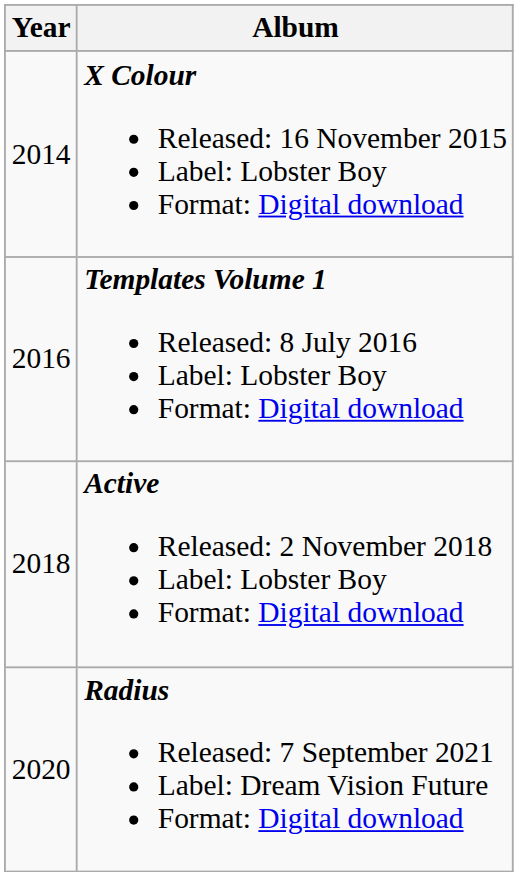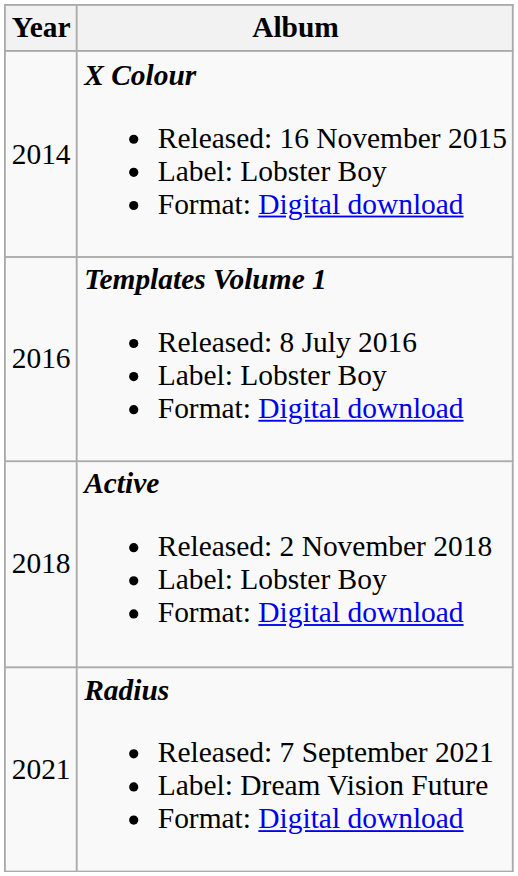 <table class="wikitable">
 <tr>
 <th>Year</th>
 <th>Album</th>
 </tr>
 <tr>
 <td>2014</td>
 <td><strong><em>X Colour</em></strong><br><ul><li>Released: 16 November 2015</li><li>Label: Lobster Boy</li><li>Format: <a href='#'>Digital download</a></li></ul></td>
 </tr>
 <tr>
 <td>2016</td>
 <td><strong><em>Templates Volume 1</em></strong><br><ul><li>Released: 8 July 2016</li><li>Label: Lobster Boy</li><li>Format: <a href='#'>Digital download</a></li></ul></td>
 </tr>
 <tr>
 <td>2018</td>
 <td><strong><em>Active</em></strong><br><ul><li>Released: 2 November 2018</li><li>Label: Lobster Boy</li><li>Format: <a href='#'>Digital download</a></li></ul></td>
 </tr>
 <tr>
-<td>2020</td>
+<td>2021</td>
 <td><strong><em>Radius</em></strong><br><ul><li>Released: 7 September 2021</li><li>Label: Dream Vision Future</li><li>Format: <a href='#'>Digital download</a></li></ul></td>
 </tr>
 </table>
